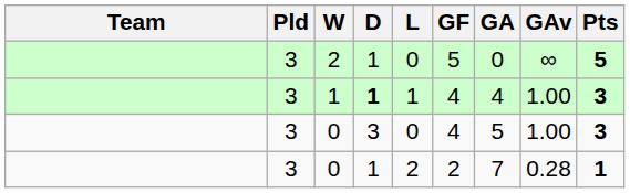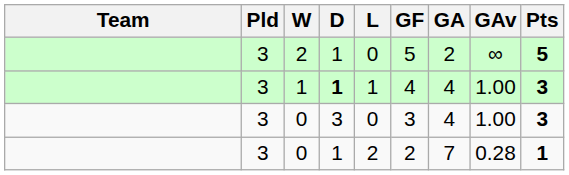 <table class="wikitable" style="text-align:center;">
 <tr>
 <th width="175">Team</th>
 <th width="20"  abbr="Played">Pld</th>
 <th width="20"  abbr="Won">W</th>
 <th width="20"  abbr="Drawn">D</th>
 <th width="20"  abbr="Lost">L</th>
 <th width="20"  abbr="Goals for">GF</th>
 <th width="20"  abbr="Goals against">GA</th>
 <th width="20"  abbr="Goal average">GAv</th>
 <th width="20"  abbr="Points">Pts</th>
 </tr>
 <tr bgcolor="#ccffcc">
 <td align="left"></td>
 <td>3</td>
 <td>2</td>
 <td>1</td>
 <td>0</td>
 <td>5</td>
-<td>0</td>
+<td>2</td>
 <td>∞</td>
 <td><strong>5</strong></td>
 </tr>
 <tr bgcolor="#ccffcc">
 <td align="left"></td>
 <td>3</td>
 <td>1</td>
 <td><strong>1</strong></td>
 <td>1</td>
 <td>4</td>
 <td>4</td>
 <td>1.00</td>
 <td><strong>3</strong></td>
 </tr>
 <tr>
 <td align="left"></td>
 <td>3</td>
 <td>0</td>
 <td>3</td>
 <td>0</td>
+<td>3</td>
 <td>4</td>
-<td>5</td>
 <td>1.00</td>
 <td><strong>3</strong></td>
 </tr>
 <tr>
 <td align="left"></td>
 <td>3</td>
 <td>0</td>
 <td>1</td>
 <td>2</td>
 <td>2</td>
 <td>7</td>
 <td>0.28</td>
 <td><strong>1</strong></td>
 </tr>
 </table>
